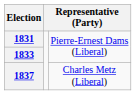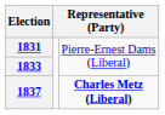 <table class="wikitable" style="text-align:center">
 <tr>
 <th>Election</th>
 <th colspan=2>Representative<br>(Party)</th>
 </tr>
 <tr>
 <th><a href='#'>1831</a></th>
 <td rowspan=3; style="background-color: "></td>
 <td rowspan=2><a href='#'>Pierre-Ernest Dams</a><br>(<a href='#'>Liberal</a>)</td>
 </tr>
 <tr>
 <th><a href='#'>1833</a></th>
 </tr>
 <tr>
 <th><a href='#'>1837</a></th>
-<td><a href='#'>Charles Metz</a><br>(<a href='#'>Liberal</a>)</td>
+<td><strong><a href='#'>Charles Metz</a><br>(<a href='#'>Liberal</a>)</strong></td>
 </tr>
 </table>
